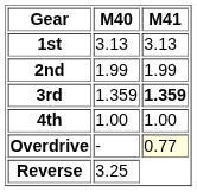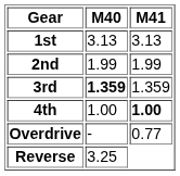 <table border="1">
 <tr>
 <th>Gear</th>
 <th>M40</th>
 <th>M41</th>
 </tr>
 <tr>
 <th>1st</th>
 <td>3.13</td>
 <td>3.13</td>
 </tr>
 <tr>
 <th>2nd</th>
 <td>1.99</td>
 <td>1.99</td>
 </tr>
 <tr>
 <th>3rd</th>
+<td><strong>1.359</strong></td>
 <td>1.359</td>
-<td><strong>1.359</strong></td>
 </tr>
 <tr>
 <th>4th</th>
 <td>1.00</td>
-<td>1.00</td>
+<td><strong>1.00</strong></td>
 </tr>
 <tr>
 <th>Overdrive</th>
 <td>-</td>
-<td style="background: lightyellow;">0.77</td>
+<td>0.77</td>
 </tr>
 <tr>
 <th>Reverse</th>
 <td>3.25</td>
 </tr>
 </table>
